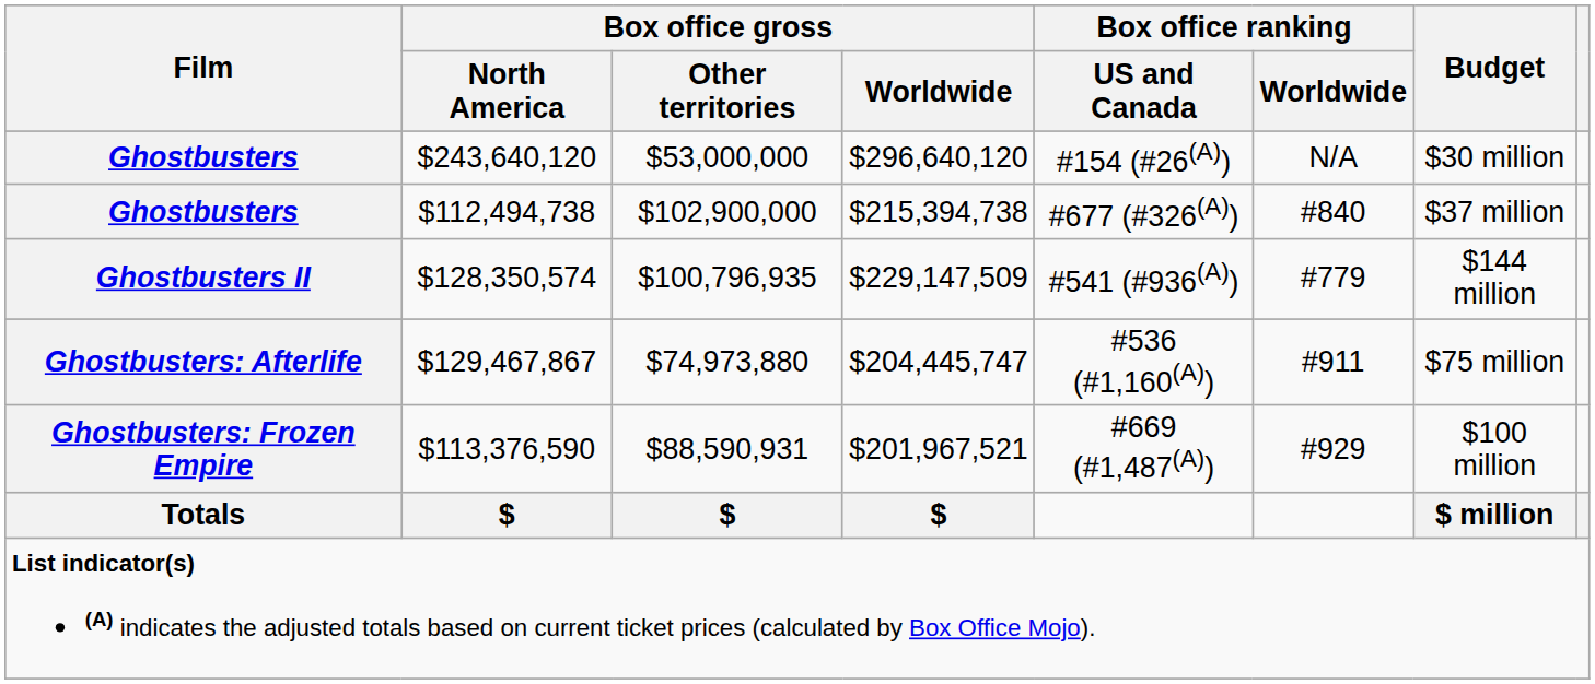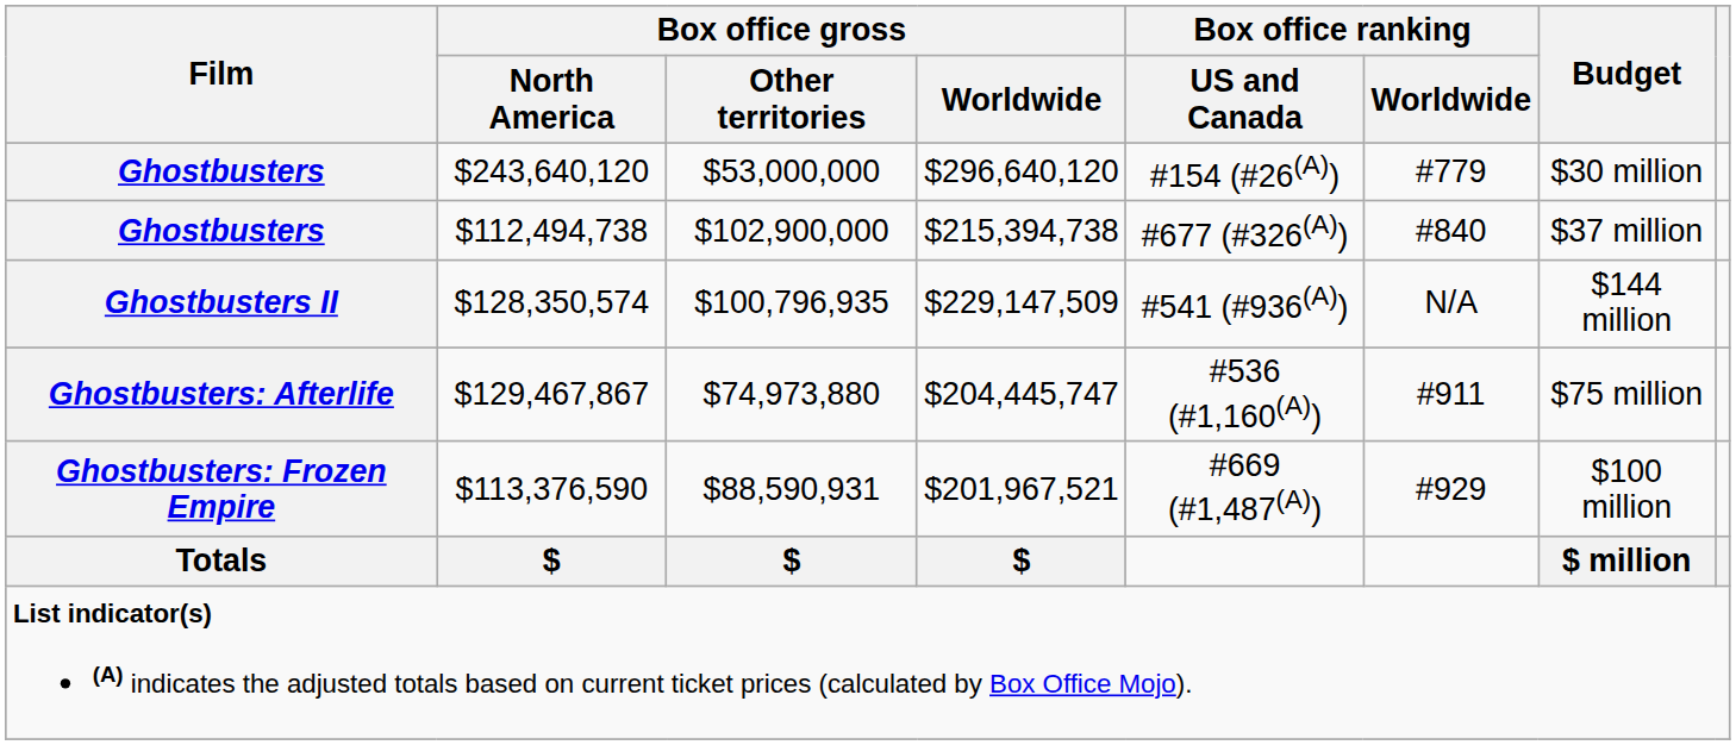 <table class="wikitable plainrowheaders" style="text-align:center;">
 <tr>
 <th rowspan="2">Film</th>
 <th colspan="3">Box office gross</th>
 <th colspan="2">Box office ranking</th>
 <th rowspan="2">Budget</th>
 <th rowspan="2"></th>
 </tr>
 <tr>
 <th>North America</th>
 <th>Other territories</th>
 <th>Worldwide</th>
 <th>US and Canada</th>
 <th>Worldwide</th>
 </tr>
 <tr>
 <th scope="row"><em><a href='#'>Ghostbusters</a></em></th>
 <td>$243,640,120</td>
 <td>$53,000,000</td>
 <td>$296,640,120</td>
 <td>#154 (#26<sup>(A)</sup>)</td>
-<td>N/A</td>
+<td>#779</td>
 <td>$30 million</td>
 <td></td>
 </tr>
 <tr>
 <th scope="row"><em><a href='#'>Ghostbusters</a></em></th>
 <td>$112,494,738</td>
 <td>$102,900,000</td>
 <td>$215,394,738</td>
 <td>#677 (#326<sup>(A)</sup>)</td>
 <td>#840</td>
 <td>$37 million</td>
 <td></td>
 </tr>
 <tr>
 <th scope="row"><em><a href='#'>Ghostbusters II</a></em></th>
 <td>$128,350,574</td>
 <td>$100,796,935</td>
 <td>$229,147,509</td>
 <td>#541 (#936<sup>(A)</sup>)</td>
-<td>#779</td>
+<td>N/A</td>
 <td>$144 million</td>
 </tr>
 <tr>
 <th scope="row"><em><a href='#'>Ghostbusters: Afterlife</a></em></th>
 <td>$129,467,867</td>
 <td>$74,973,880</td>
 <td>$204,445,747</td>
 <td>#536 (#1,160<sup>(A)</sup>)</td>
 <td>#911</td>
 <td>$75 million</td>
 <td></td>
 </tr>
 <tr>
 <th scope="row"><em><a href='#'>Ghostbusters: Frozen Empire</a></em></th>
 <td>$113,376,590</td>
 <td>$88,590,931</td>
 <td>$201,967,521</td>
 <td>#669 (#1,487<sup>(A)</sup>)</td>
 <td>#929</td>
 <td>$100 million</td>
 <td></td>
 </tr>
 <tr>
 <th>Totals</th>
 <th>$</th>
 <th>$</th>
 <th>$</th>
 <td></td>
 <td></td>
 <th>$ million</th>
 <th></th>
 </tr>
 <tr>
 <td colspan="9" style="text-align:left;"><small><strong>List indicator(s)</strong></small><br><ul><li><small><sup><strong>(A)</strong></sup> indicates the adjusted totals based on current ticket prices (calculated by <a href='#'>Box Office Mojo</a>).</small></li></ul></td>
 </tr>
 </table>
